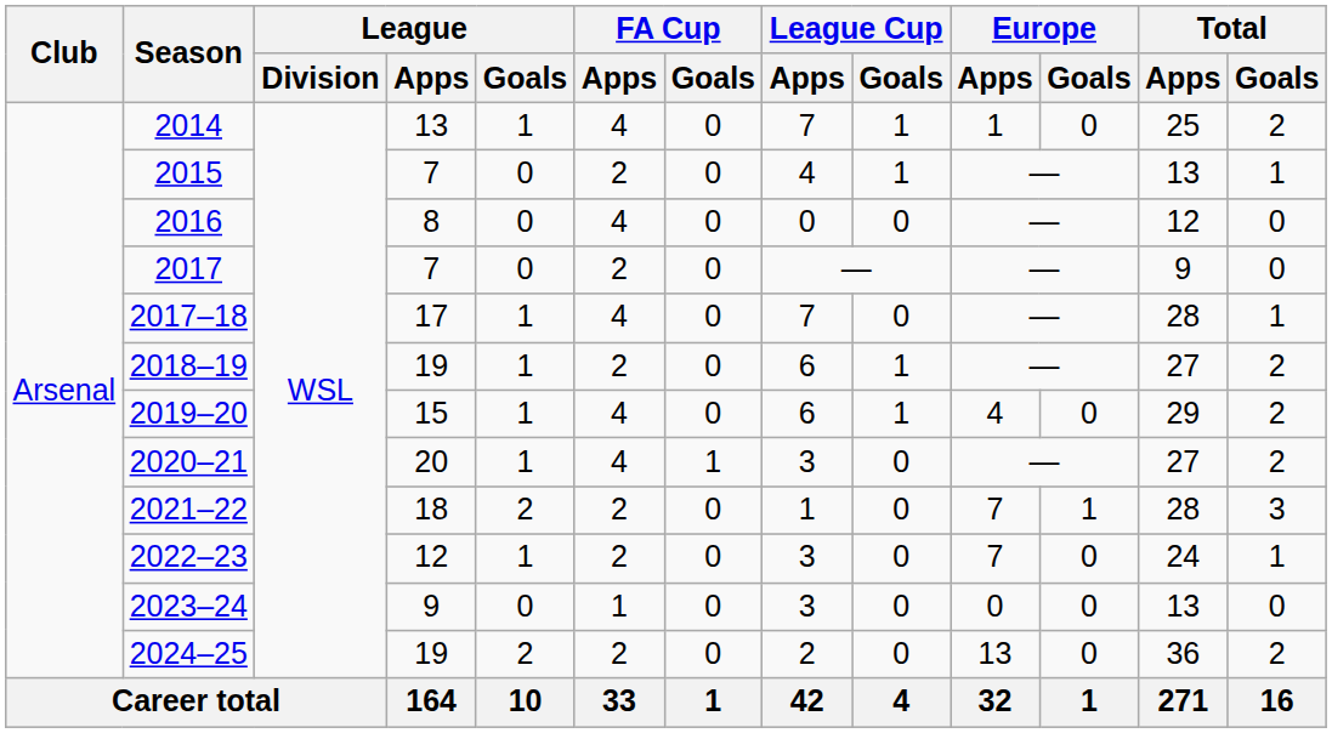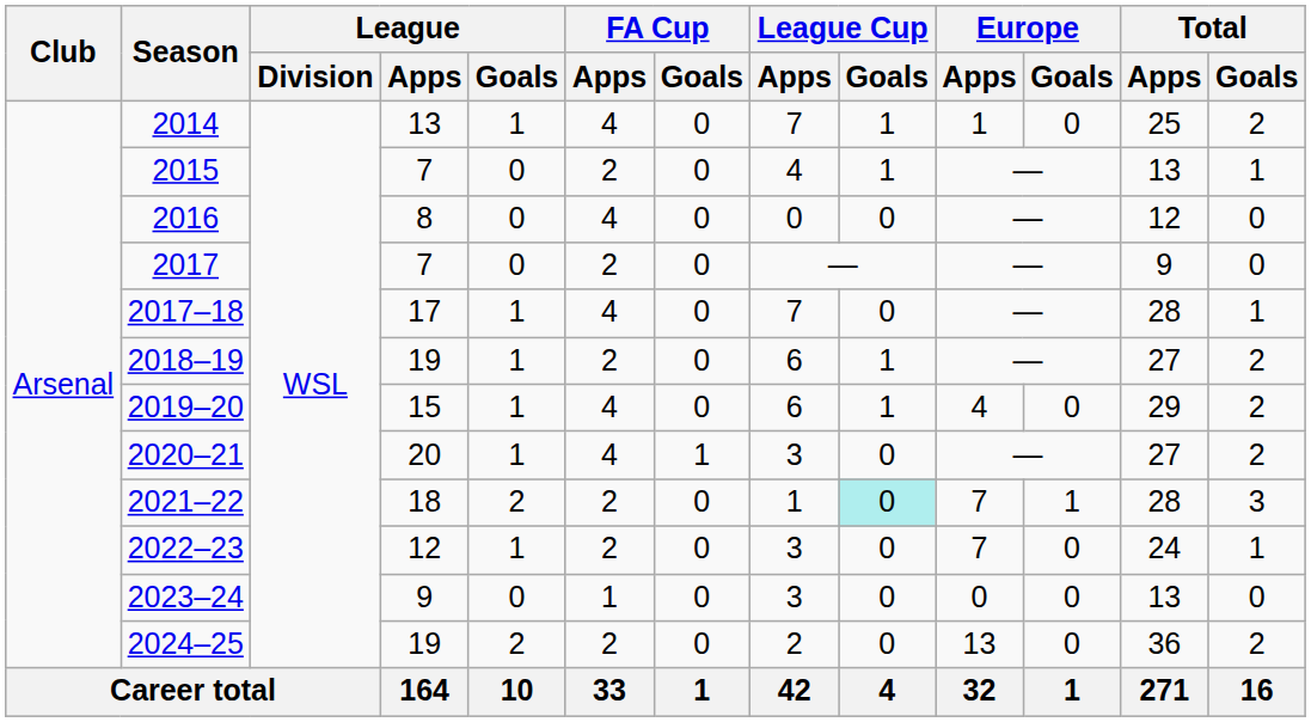 <table class="wikitable" style="text-align:center">
 <tr>
 <th rowspan="2">Club</th>
 <th rowspan="2">Season</th>
 <th colspan="3">League</th>
 <th colspan="2"><a href='#'>FA Cup</a></th>
 <th colspan="2"><a href='#'>League Cup</a></th>
 <th colspan="2"><a href='#'>Europe</a></th>
 <th colspan="2">Total</th>
 </tr>
 <tr>
 <th>Division</th>
 <th>Apps</th>
 <th>Goals</th>
 <th>Apps</th>
 <th>Goals</th>
 <th>Apps</th>
 <th>Goals</th>
 <th>Apps</th>
 <th>Goals</th>
 <th>Apps</th>
 <th>Goals</th>
 </tr>
 <tr>
 <td rowspan="12"><a href='#'>Arsenal</a></td>
 <td><a href='#'>2014</a></td>
 <td rowspan="12"><a href='#'>WSL</a></td>
 <td>13</td>
 <td>1</td>
 <td>4</td>
 <td>0</td>
 <td>7</td>
 <td>1</td>
 <td>1</td>
 <td>0</td>
 <td>25</td>
 <td>2</td>
 </tr>
 <tr>
 <td><a href='#'>2015</a></td>
 <td>7</td>
 <td>0</td>
 <td>2</td>
 <td>0</td>
 <td>4</td>
 <td>1</td>
 <td colspan=2>—</td>
 <td>13</td>
 <td>1</td>
 </tr>
 <tr>
 <td><a href='#'>2016</a></td>
 <td>8</td>
 <td>0</td>
 <td>4</td>
 <td>0</td>
 <td>0</td>
 <td>0</td>
 <td colspan=2>—</td>
 <td>12</td>
 <td>0</td>
 </tr>
 <tr>
 <td><a href='#'>2017</a></td>
 <td>7</td>
 <td>0</td>
 <td>2</td>
 <td>0</td>
 <td colspan=2>—</td>
 <td colspan=2>—</td>
 <td>9</td>
 <td>0</td>
 </tr>
 <tr>
 <td><a href='#'>2017–18</a></td>
 <td>17</td>
 <td>1</td>
 <td>4</td>
 <td>0</td>
 <td>7</td>
 <td>0</td>
 <td colspan=2>—</td>
 <td>28</td>
 <td>1</td>
 </tr>
 <tr>
 <td><a href='#'>2018–19</a></td>
 <td>19</td>
 <td>1</td>
 <td>2</td>
 <td>0</td>
 <td>6</td>
 <td>1</td>
 <td colspan="2">—</td>
 <td>27</td>
 <td>2</td>
 </tr>
 <tr>
 <td><a href='#'>2019–20</a></td>
 <td>15</td>
 <td>1</td>
 <td>4</td>
 <td>0</td>
 <td>6</td>
 <td>1</td>
 <td>4</td>
 <td>0</td>
 <td>29</td>
 <td>2</td>
 </tr>
 <tr>
 <td><a href='#'>2020–21</a></td>
 <td>20</td>
 <td>1</td>
 <td>4</td>
 <td>1</td>
 <td>3</td>
 <td>0</td>
 <td colspan="2">—</td>
 <td>27</td>
 <td>2</td>
 </tr>
 <tr>
 <td><a href='#'>2021–22</a></td>
 <td>18</td>
 <td>2</td>
 <td>2</td>
 <td>0</td>
 <td>1</td>
-<td>0</td>
+<td style="background: paleturquoise;">0</td>
 <td>7</td>
 <td>1</td>
 <td>28</td>
 <td>3</td>
 </tr>
 <tr>
 <td><a href='#'>2022–23</a></td>
 <td>12</td>
 <td>1</td>
 <td>2</td>
 <td>0</td>
 <td>3</td>
 <td>0</td>
 <td>7</td>
 <td>0</td>
 <td>24</td>
 <td>1</td>
 </tr>
 <tr>
 <td><a href='#'>2023–24</a></td>
 <td>9</td>
 <td>0</td>
 <td>1</td>
 <td>0</td>
 <td>3</td>
 <td>0</td>
 <td>0</td>
 <td>0</td>
 <td>13</td>
 <td>0</td>
 </tr>
 <tr>
 <td><a href='#'>2024–25</a></td>
 <td>19</td>
 <td>2</td>
 <td>2</td>
 <td>0</td>
 <td>2</td>
 <td>0</td>
 <td>13</td>
 <td>0</td>
 <td>36</td>
 <td>2</td>
 </tr>
 <tr>
 <th colspan="3">Career total</th>
 <th>164</th>
 <th>10</th>
 <th>33</th>
 <th>1</th>
 <th>42</th>
 <th>4</th>
 <th>32</th>
 <th>1</th>
 <th>271</th>
 <th>16</th>
 </tr>
 </table>
